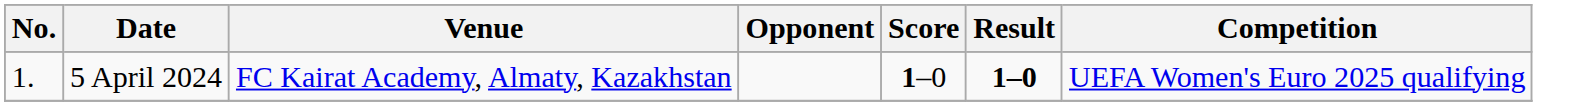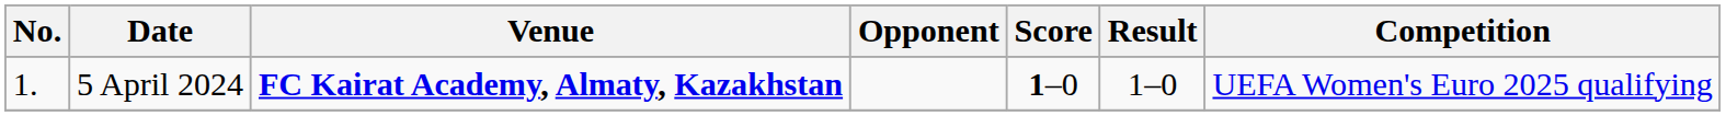 <table class="wikitable">
 <tr>
 <th>No.</th>
 <th>Date</th>
 <th>Venue</th>
 <th>Opponent</th>
 <th>Score</th>
 <th>Result</th>
 <th>Competition</th>
 </tr>
 <tr>
 <td>1.</td>
 <td>5 April 2024</td>
-<td><a href='#'>FC Kairat Academy</a>, <a href='#'>Almaty</a>, <a href='#'>Kazakhstan</a></td>
+<td><strong><a href='#'>FC Kairat Academy</a>, <a href='#'>Almaty</a>, <a href='#'>Kazakhstan</a></strong></td>
 <td></td>
 <td align=center><strong>1</strong>–0</td>
-<td align=center><strong>1–0</strong></td>
+<td align=center>1–0</td>
 <td><a href='#'>UEFA Women's Euro 2025 qualifying</a></td>
 </tr>
 <tr>
 </tr>
 </table>
